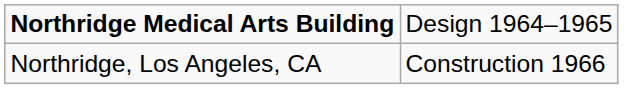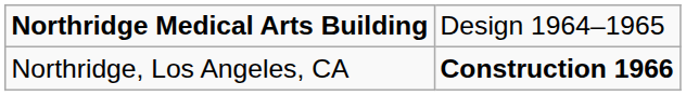 <table class="wikitable" style="text-align:left">
 <tr>
 <td><strong>Northridge Medical Arts Building</strong></td>
 <td>Design 1964–1965</td>
 </tr>
 <tr>
 <td>Northridge, Los Angeles, CA</td>
-<td>Construction 1966</td>
+<td><strong>Construction 1966</strong></td>
 </tr>
 </table>
